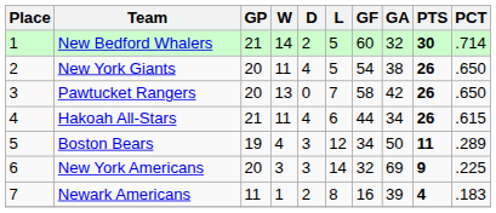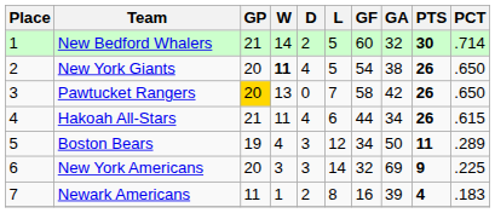 <table class="wikitable">
 <tr>
 <th>Place</th>
 <th width="180">Team</th>
 <th width="20">GP</th>
 <th width="20">W</th>
 <th width="20">D</th>
 <th width="20">L</th>
 <th width="20">GF</th>
 <th width="20">GA</th>
 <th width="20">PTS</th>
 <th width="20">PCT</th>
 </tr>
 <tr bgcolor=#ccffcc>
 <td>1</td>
 <td><a href='#'>New Bedford Whalers</a></td>
 <td>21</td>
 <td>14</td>
 <td>2</td>
 <td>5</td>
 <td>60</td>
 <td>32</td>
 <td><strong>30</strong></td>
 <td>.714</td>
 </tr>
 <tr>
 <td>2</td>
 <td><a href='#'>New York Giants</a></td>
 <td>20</td>
-<td>11</td>
+<td><strong>11</strong></td>
 <td>4</td>
 <td>5</td>
 <td>54</td>
 <td>38</td>
 <td><strong>26</strong></td>
 <td>.650</td>
 </tr>
 <tr>
 <td>3</td>
 <td><a href='#'>Pawtucket Rangers</a></td>
-<td>20</td>
+<td style="background: gold;">20</td>
 <td>13</td>
 <td>0</td>
 <td>7</td>
 <td>58</td>
 <td>42</td>
 <td><strong>26</strong></td>
 <td>.650</td>
 </tr>
 <tr>
 <td>4</td>
 <td><a href='#'>Hakoah All-Stars</a></td>
 <td>21</td>
 <td>11</td>
 <td>4</td>
 <td>6</td>
 <td>44</td>
 <td>34</td>
 <td><strong>26</strong></td>
 <td>.615</td>
 </tr>
 <tr>
 <td>5</td>
 <td><a href='#'>Boston Bears</a></td>
 <td>19</td>
 <td>4</td>
 <td>3</td>
 <td>12</td>
 <td>34</td>
 <td>50</td>
 <td><strong>11</strong></td>
 <td>.289</td>
 </tr>
 <tr>
 <td>6</td>
 <td><a href='#'>New York Americans</a></td>
 <td>20</td>
 <td>3</td>
 <td>3</td>
 <td>14</td>
 <td>32</td>
 <td>69</td>
 <td><strong>9</strong></td>
 <td>.225</td>
 </tr>
 <tr>
 <td>7</td>
 <td><a href='#'>Newark Americans</a></td>
 <td>11</td>
 <td>1</td>
 <td>2</td>
 <td>8</td>
 <td>16</td>
 <td>39</td>
 <td><strong>4</strong></td>
 <td>.183</td>
 </tr>
 <tr>
 </tr>
 </table>
